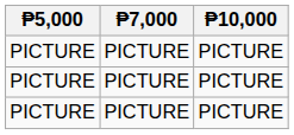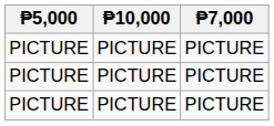 <table class="wikitable" align="center">
 <tr>
 <th>₱5,000</th>
+<th>₱10,000</th>
 <th>₱7,000</th>
-<th>₱10,000</th>
 </tr>
 <tr>
 <td>PICTURE</td>
 <td>PICTURE</td>
 <td>PICTURE</td>
 </tr>
 <tr>
 <td>PICTURE</td>
 <td>PICTURE</td>
 <td>PICTURE</td>
 </tr>
 <tr>
 <td>PICTURE</td>
 <td>PICTURE</td>
 <td>PICTURE</td>
 </tr>
 </table>
